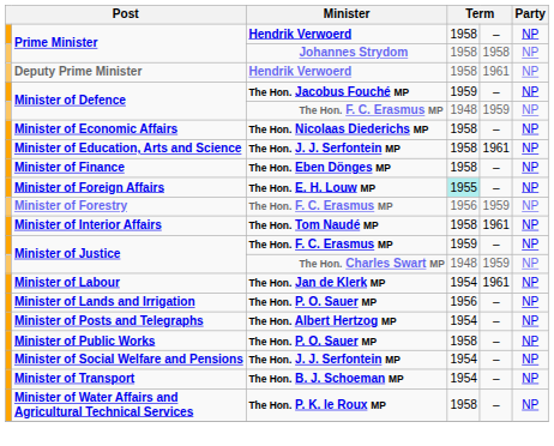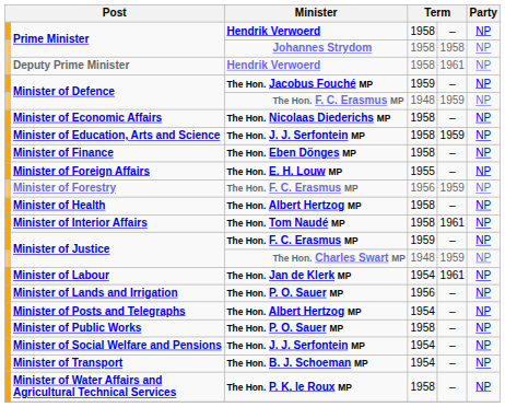 <table class="wikitable">
 <tr>
 <th colspan=2>Post</th>
 <th>Minister</th>
 <th colspan=2>Term</th>
 <th>Party</th>
 </tr>
 <tr>
 <td style="width:1px;; background: Orange;"></td>
 <td rowspan=2><strong><a href='#'>Prime Minister</a></strong></td>
 <td> <strong><a href='#'>Hendrik Verwoerd</a></strong></td>
 <td>1958</td>
 <td align="center">–</td>
 <td align="center"><a href='#'>NP</a></td>
 </tr>
 <tr style="opacity:.6;">
 <td style="width:1px;; background: Orange;"></td>
 <td style="padding-left:70px"><strong><a href='#'>Johannes Strydom</a></strong></td>
 <td>1958</td>
 <td>1958</td>
 <td align="center"><a href='#'>NP</a></td>
 </tr>
 <tr style="opacity:.6;">
 <td style="width:1px;; background: Orange;"></td>
 <td><strong>Deputy Prime Minister</strong></td>
 <td> <strong><a href='#'>Hendrik Verwoerd</a></strong></td>
 <td>1958</td>
 <td>1961</td>
 <td align="center"><a href='#'>NP</a></td>
 </tr>
 <tr>
 <td style="width:1px;; background: Orange;"></td>
 <td rowspan=2><strong><a href='#'>Minister of Defence</a></strong></td>
 <td> <strong><small>The Hon.</small> <a href='#'>Jacobus Fouché</a> <small>MP</small></strong></td>
 <td>1959</td>
 <td align="center">–</td>
 <td align="center"><a href='#'>NP</a></td>
 </tr>
 <tr style="opacity:.6;">
 <td style="width:1px; background:Orange;"></td>
 <td style="padding-left:70px"><strong><small>The Hon.</small> <a href='#'>F. C. Erasmus</a> <small>MP</small></strong></td>
 <td>1948</td>
 <td>1959</td>
 <td align="center"><a href='#'>NP</a></td>
 </tr>
 <tr>
 <td style="width:1px;; background: Orange;"></td>
 <td><strong><a href='#'>Minister of Economic Affairs</a></strong></td>
 <td> <strong><small>The Hon.</small> <a href='#'>Nicolaas Diederichs</a> <small>MP</small></strong></td>
 <td>1958</td>
 <td align="center">–</td>
 <td align="center"><a href='#'>NP</a></td>
 </tr>
 <tr>
 <td style="width:1px;; background: Orange;"></td>
 <td><strong><a href='#'>Minister of Education, Arts and Science</a></strong></td>
 <td> <strong><small>The Hon.</small> <a href='#'>J. J. Serfontein</a> <small>MP</small></strong></td>
 <td>1958</td>
-<td>1961</td>
+<td>1959</td>
 <td align="center"><a href='#'>NP</a></td>
 </tr>
 <tr>
 <td style="width:1px;; background: Orange;"></td>
 <td><strong><a href='#'>Minister of Finance</a></strong></td>
 <td> <strong><small>The Hon.</small> <a href='#'>Eben Dönges</a> <small>MP</small></strong></td>
 <td>1958</td>
 <td align="center">–</td>
 <td align="center"><a href='#'>NP</a></td>
 </tr>
 <tr>
 <td style="width:1px;; background: Orange;"></td>
 <td><strong><a href='#'>Minister of Foreign Affairs</a></strong></td>
 <td> <strong><small>The Hon.</small> <a href='#'>E. H. Louw</a> <small>MP</small></strong></td>
-<td style="background: paleturquoise;">1955</td>
+<td>1955</td>
 <td align="center">–</td>
 <td align="center"><a href='#'>NP</a></td>
 </tr>
 <tr style="opacity:.6;">
 <td style="width:1px;; background: Orange;"></td>
 <td><strong><a href='#'>Minister of Forestry</a></strong><br><em></em></td>
 <td> <strong><small>The Hon.</small> <a href='#'>F. C. Erasmus</a> <small>MP</small></strong></td>
 <td>1956</td>
 <td>1959</td>
+<td align="center"><a href='#'>NP</a></td>
+</tr>
+<tr>
+<td style="width:1px;; background:Orange"></td>
+<td><strong><a href='#'>Minister of Health</a></strong></td>
+<td> <strong><small>The Hon.</small> <a href='#'>Albert Hertzog</a> <small>MP</small></strong></td>
+<td>1958</td>
+<td align="center">–</td>
 <td align="center"><a href='#'>NP</a></td>
 </tr>
 <tr>
 <td style="width:1px;; background: Orange;"></td>
 <td><strong><a href='#'>Minister of Interior Affairs</a></strong></td>
 <td> <strong><small>The Hon.</small> <a href='#'>Tom Naudé</a> <small>MP</small></strong></td>
 <td>1958</td>
 <td>1961</td>
 <td align="center"><a href='#'>NP</a></td>
 </tr>
 <tr>
 <td style="width:1px;; background: Orange;"></td>
 <td rowspan=2><strong><a href='#'>Minister of Justice</a></strong></td>
 <td> <strong><small>The Hon.</small> <a href='#'>F. C. Erasmus</a> <small>MP</small></strong></td>
 <td>1959</td>
 <td align="center">–</td>
 <td align="center"><a href='#'>NP</a></td>
 </tr>
 <tr style="opacity:.6;">
 <td style="width:1px; background:Orange;"></td>
 <td style="padding-left:70px"><strong><small>The Hon.</small> <a href='#'>Charles Swart</a> <small>MP</small></strong></td>
 <td>1948</td>
 <td>1959</td>
 <td align="center"><a href='#'>NP</a></td>
 </tr>
 <tr>
 <td style="width:1px;; background: Orange;"></td>
 <td><strong><a href='#'>Minister of Labour</a></strong></td>
 <td> <strong><small>The Hon.</small> <a href='#'>Jan de Klerk</a> <small>MP</small></strong></td>
 <td>1954</td>
 <td>1961</td>
 <td align="center"><a href='#'>NP</a></td>
 </tr>
 <tr>
 <td style="width:1px;; background: Orange;"></td>
 <td><strong><a href='#'>Minister of Lands and Irrigation</a></strong></td>
 <td> <strong><small>The Hon.</small> <a href='#'>P. O. Sauer</a> <small>MP</small></strong></td>
 <td>1956</td>
 <td align="center">–</td>
 <td align="center"><a href='#'>NP</a></td>
 </tr>
 <tr>
 <td style="width:1px;; background: Orange;"></td>
 <td><strong><a href='#'>Minister of Posts and Telegraphs</a></strong></td>
 <td> <strong><small>The Hon.</small> <a href='#'>Albert Hertzog</a> <small>MP</small></strong></td>
 <td>1954</td>
 <td align="center">–</td>
 <td align="center"><a href='#'>NP</a></td>
 </tr>
 <tr>
 <td style="width:1px;; background: Orange;"></td>
 <td><strong><a href='#'>Minister of Public Works</a></strong></td>
 <td> <strong><small>The Hon.</small> <a href='#'>P. O. Sauer</a> <small>MP</small></strong></td>
 <td>1958</td>
 <td align="center">–</td>
 <td align="center"><a href='#'>NP</a></td>
 </tr>
 <tr>
 <td style="width:1px;; background: Orange;"></td>
 <td><strong><a href='#'>Minister of Social Welfare and Pensions</a></strong><br><em></em></td>
 <td> <strong><small>The Hon.</small> <a href='#'>J. J. Serfontein</a> <small>MP</small></strong></td>
 <td>1954</td>
 <td align="center">–</td>
 <td align="center"><a href='#'>NP</a></td>
 </tr>
 <tr>
 <td style="width:1px;; background: Orange;"></td>
 <td><strong><a href='#'>Minister of Transport</a></strong></td>
 <td> <strong><small>The Hon.</small> <a href='#'>B. J. Schoeman</a> <small>MP</small></strong></td>
 <td>1954</td>
 <td align="center">–</td>
 <td align="center"><a href='#'>NP</a></td>
 </tr>
 <tr>
 <td style="width:1px;; background: Orange;"></td>
 <td><strong><a href='#'>Minister of Water Affairs and<br> Agricultural Technical Services</a></strong></td>
 <td> <strong><small>The Hon.</small> <a href='#'>P. K. le Roux</a> <small>MP</small></strong></td>
 <td>1958</td>
 <td align="center">–</td>
 <td align="center"><a href='#'>NP</a></td>
 </tr>
 <tr>
 </tr>
 </table>
